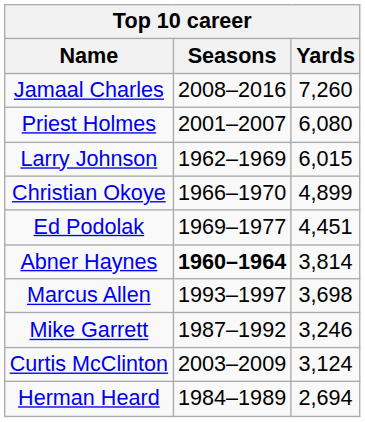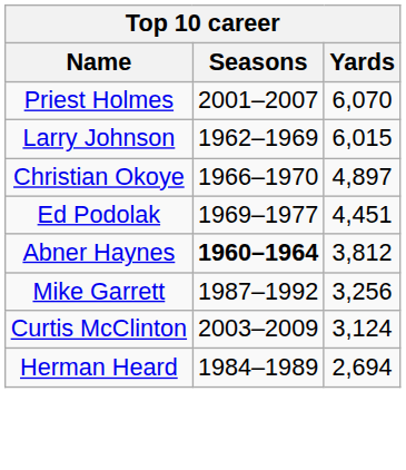 <table class="wikitable" style="text-align:center">
 <tr>
 <th colspan="3"><strong>Top 10 career</strong></th>
 </tr>
 <tr>
 <th><strong>Name</strong></th>
 <th><strong>Seasons</strong></th>
 <th><strong>Yards</strong></th>
 </tr>
 <tr>
-<td><a href='#'>Jamaal Charles</a></td>
-<td>2008–2016</td>
-<td>7,260</td>
-</tr>
-<tr>
 <td><a href='#'>Priest Holmes</a></td>
 <td>2001–2007</td>
-<td>6,080</td>
+<td>6,070</td>
 </tr>
 <tr>
 <td><a href='#'>Larry Johnson</a></td>
 <td>1962–1969</td>
 <td>6,015</td>
 </tr>
 <tr>
 <td><a href='#'>Christian Okoye</a></td>
 <td>1966–1970</td>
-<td>4,899</td>
+<td>4,897</td>
 </tr>
 <tr>
 <td><a href='#'>Ed Podolak</a></td>
 <td>1969–1977</td>
 <td>4,451</td>
 </tr>
 <tr>
 <td><a href='#'>Abner Haynes</a></td>
 <td><strong>1960–1964</strong></td>
-<td>3,814</td>
-</tr>
-<tr>
-<td><a href='#'>Marcus Allen</a></td>
-<td>1993–1997</td>
-<td>3,698</td>
+<td>3,812</td>
 </tr>
 <tr>
 <td><a href='#'>Mike Garrett</a></td>
 <td>1987–1992</td>
-<td>3,246</td>
+<td>3,256</td>
 </tr>
 <tr>
 <td><a href='#'>Curtis McClinton</a></td>
 <td>2003–2009</td>
 <td>3,124</td>
 </tr>
 <tr>
 <td><a href='#'>Herman Heard</a></td>
 <td>1984–1989</td>
 <td>2,694</td>
 </tr>
 </table>
